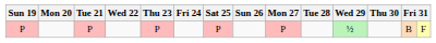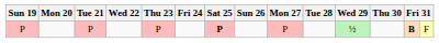 <table class="wikitable" style="margin:0.5em auto; font-size:90%; line-height:1.25em; text-align:center">
 <tr>
 <th>Sun 19</th>
 <th>Mon 20</th>
 <th>Tue 21</th>
 <th>Wed 22</th>
 <th>Thu 23</th>
 <th>Fri 24</th>
 <th>Sat 25</th>
 <th>Sun 26</th>
 <th>Mon 27</th>
 <th>Tue 28</th>
 <th>Wed 29</th>
 <th>Thu 30</th>
 <th colspan="2">Fri 31</th>
 </tr>
 <tr>
 <td bgcolor="#FFBBBB">P</td>
 <td></td>
 <td bgcolor="#FFBBBB">P</td>
 <td></td>
 <td bgcolor="#FFBBBB">P</td>
 <td></td>
-<td bgcolor="#FFBBBB">P</td>
+<td bgcolor="#FFBBBB"><strong>P</strong></td>
 <td></td>
 <td bgcolor="#FFBBBB">P</td>
 <td></td>
 <td bgcolor="#BBF3BB">½</td>
 <td></td>
-<td bgcolor="#FEDCBA">B</td>
+<td bgcolor="#FEDCBA"><strong>B</strong></td>
 <td bgcolor="#FFFFB">F</td>
 </tr>
 </table>
